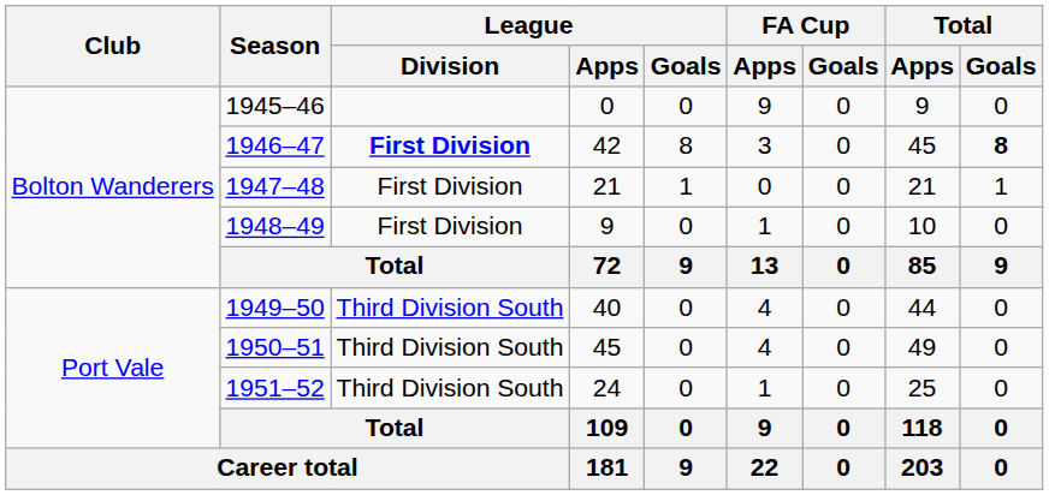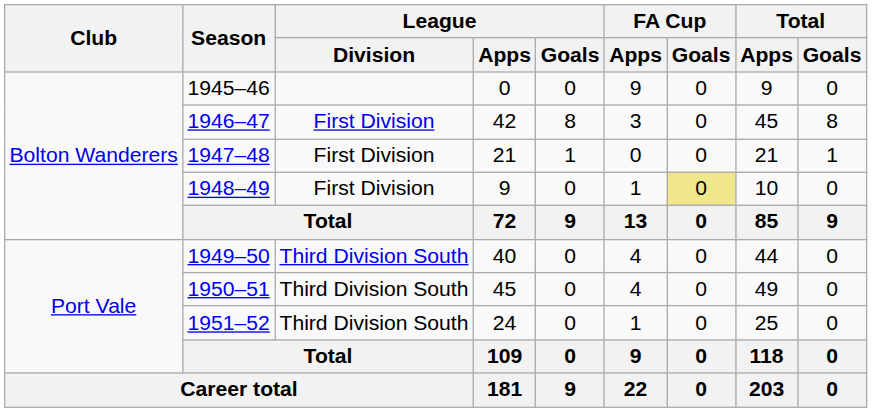 <table class="wikitable" style="text-align: center;">
 <tr>
 <th rowspan="2">Club</th>
 <th rowspan="2">Season</th>
 <th colspan="3">League</th>
 <th colspan="2">FA Cup</th>
 <th colspan="2">Total</th>
 </tr>
 <tr>
 <th>Division</th>
 <th>Apps</th>
 <th>Goals</th>
 <th>Apps</th>
 <th>Goals</th>
 <th>Apps</th>
 <th>Goals</th>
 </tr>
 <tr>
 <td rowspan="5"><a href='#'>Bolton Wanderers</a></td>
 <td>1945–46</td>
 <td></td>
 <td>0</td>
 <td>0</td>
 <td>9</td>
 <td>0</td>
 <td>9</td>
 <td>0</td>
 </tr>
 <tr>
 <td><a href='#'>1946–47</a></td>
-<td><strong><a href='#'>First Division</a></strong></td>
+<td><a href='#'>First Division</a></td>
 <td>42</td>
 <td>8</td>
 <td>3</td>
 <td>0</td>
 <td>45</td>
-<td><strong>8</strong></td>
+<td>8</td>
 </tr>
 <tr>
 <td><a href='#'>1947–48</a></td>
 <td>First Division</td>
 <td>21</td>
 <td>1</td>
 <td>0</td>
 <td>0</td>
 <td>21</td>
 <td>1</td>
 </tr>
 <tr>
 <td><a href='#'>1948–49</a></td>
 <td>First Division</td>
 <td>9</td>
 <td>0</td>
 <td>1</td>
-<td>0</td>
+<td style="background: khaki;">0</td>
 <td>10</td>
 <td>0</td>
 </tr>
 <tr>
 <th colspan="2">Total</th>
 <th>72</th>
 <th>9</th>
 <th>13</th>
 <th>0</th>
 <th>85</th>
 <th>9</th>
 </tr>
 <tr>
 <td rowspan="4"><a href='#'>Port Vale</a></td>
 <td><a href='#'>1949–50</a></td>
 <td><a href='#'>Third Division South</a></td>
 <td>40</td>
 <td>0</td>
 <td>4</td>
 <td>0</td>
 <td>44</td>
 <td>0</td>
 </tr>
 <tr>
 <td><a href='#'>1950–51</a></td>
 <td>Third Division South</td>
 <td>45</td>
 <td>0</td>
 <td>4</td>
 <td>0</td>
 <td>49</td>
 <td>0</td>
 </tr>
 <tr>
 <td><a href='#'>1951–52</a></td>
 <td>Third Division South</td>
 <td>24</td>
 <td>0</td>
 <td>1</td>
 <td>0</td>
 <td>25</td>
 <td>0</td>
 </tr>
 <tr>
 <th colspan="2">Total</th>
 <th>109</th>
 <th>0</th>
 <th>9</th>
 <th>0</th>
 <th>118</th>
 <th>0</th>
 </tr>
 <tr>
 <th colspan="3">Career total</th>
 <th>181</th>
 <th>9</th>
 <th>22</th>
 <th>0</th>
 <th>203</th>
 <th>0</th>
 </tr>
 </table>
